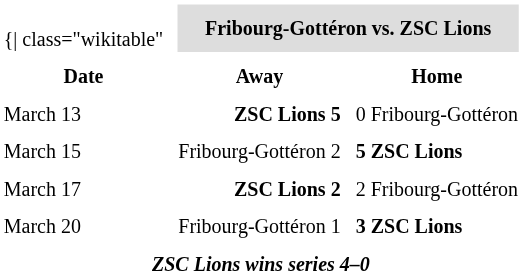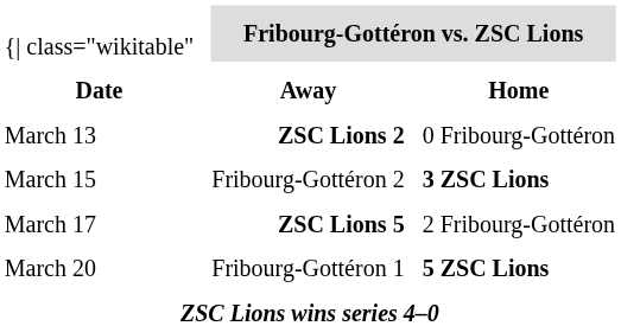 <table cellspacing="10">
 <tr>
 <td valign="top"><br>	{| class="wikitable"</td>
 <th bgcolor="#DDDDDD" colspan="4">Fribourg-Gottéron vs. ZSC Lions</th>
 </tr>
 <tr>
 <th>Date</th>
 <th>Away</th>
 <th>Home</th>
 </tr>
 <tr>
 <td>March 13</td>
-<td align = "right"><strong>ZSC Lions 5</strong></td>
+<td align = "right"><strong>ZSC Lions 2</strong></td>
 <td>0 Fribourg-Gottéron</td>
 </tr>
 <tr>
 <td>March 15</td>
 <td align = "right">Fribourg-Gottéron 2</td>
-<td><strong>5 ZSC Lions</strong></td>
+<td><strong>3 ZSC Lions</strong></td>
 </tr>
 <tr>
 <td>March 17</td>
-<td align = "right"><strong>ZSC Lions 2</strong></td>
+<td align = "right"><strong>ZSC Lions 5</strong></td>
 <td>2 Fribourg-Gottéron</td>
 </tr>
 <tr>
 <td>March 20</td>
 <td align = "right">Fribourg-Gottéron 1</td>
-<td><strong>3 ZSC Lions</strong></td>
+<td><strong>5 ZSC Lions</strong></td>
 </tr>
 <tr align="center">
 <td colspan="4"><strong><em>ZSC Lions wins series 4–0</em></strong></td>
 </tr>
 </table>
